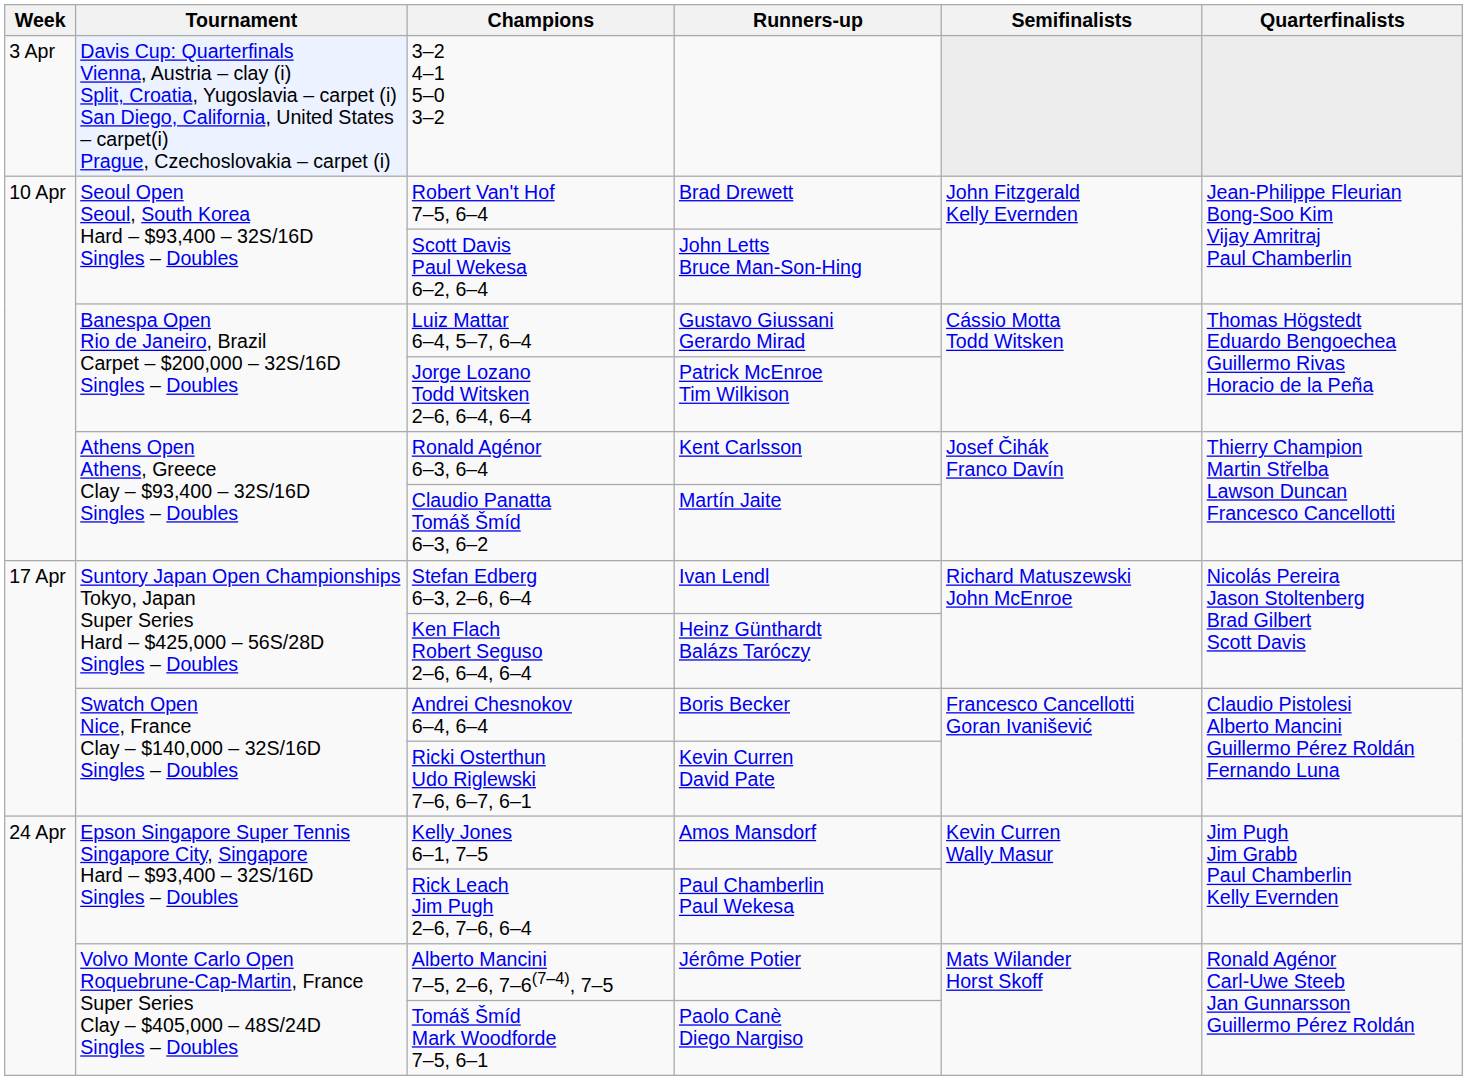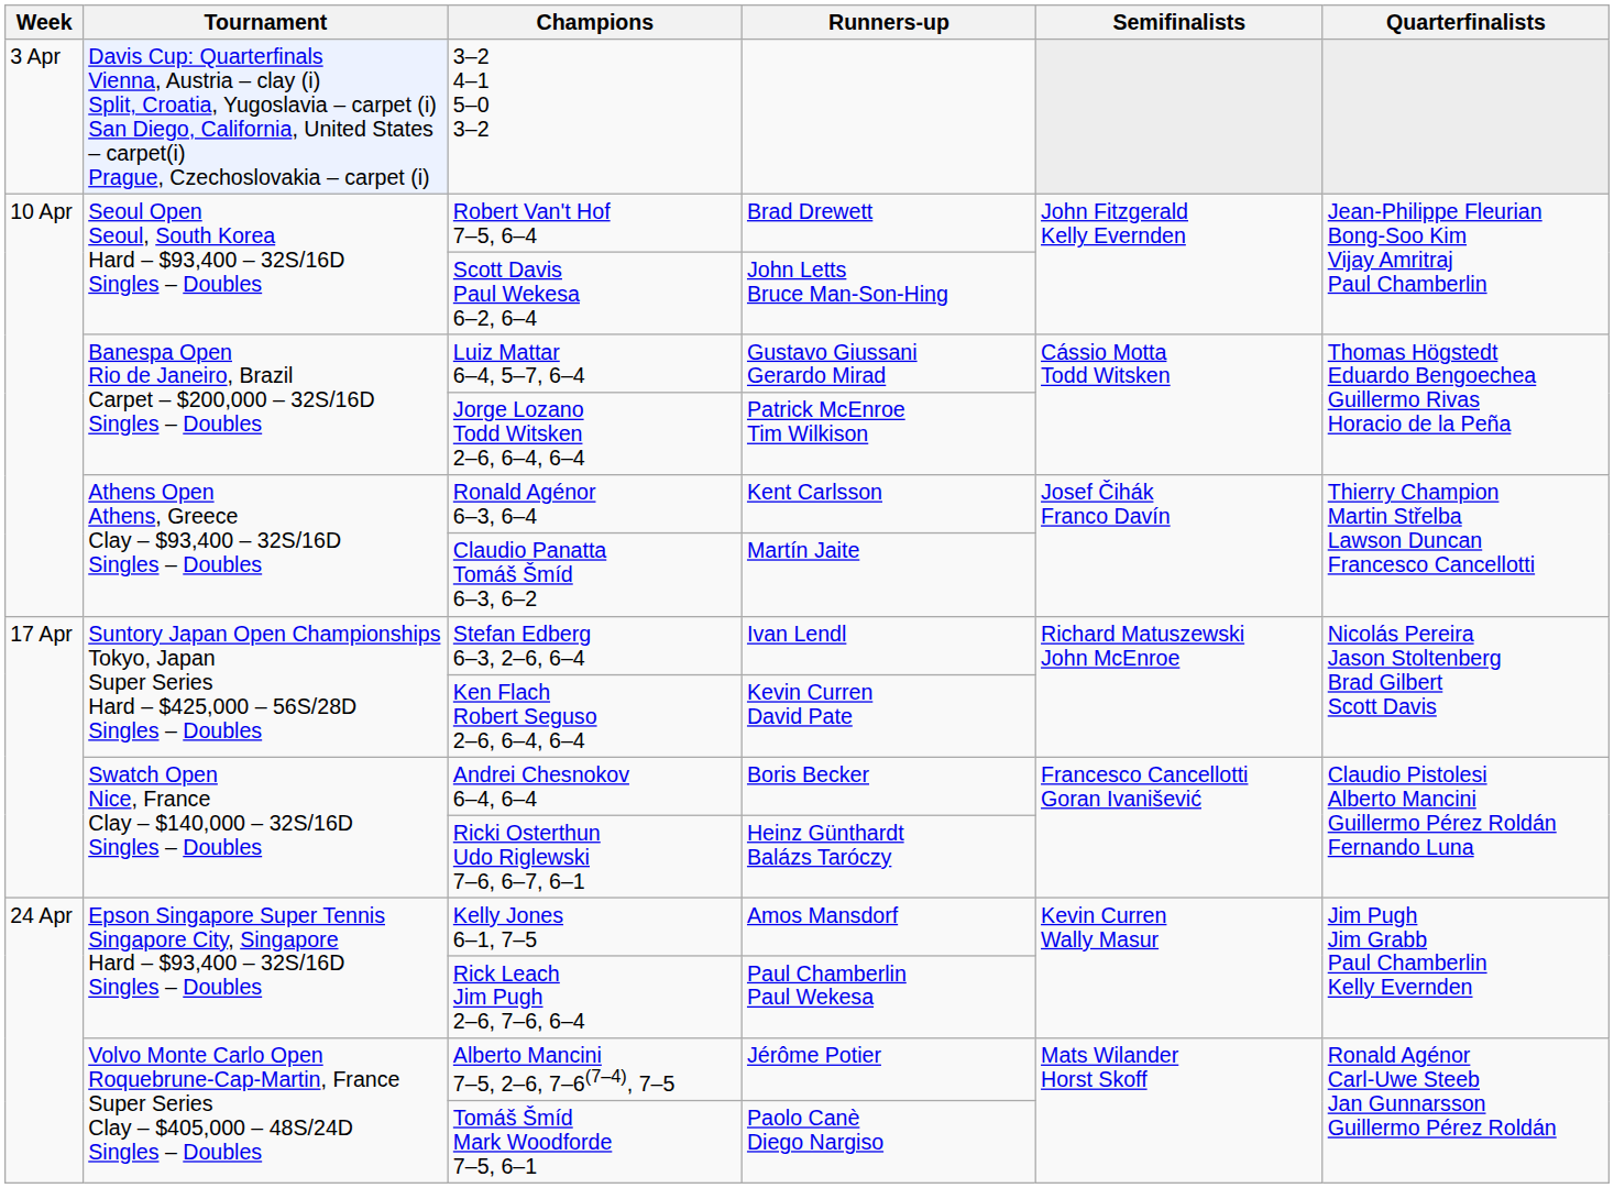 <table class=wikitable style=font-size:95%>
 <tr>
 <th style="width:48px;">Week</th>
 <th style="width:250px;">Tournament</th>
 <th style="width:200px;">Champions</th>
 <th style="width:200px;">Runners-up</th>
 <th style="width:195px;">Semifinalists</th>
 <th style="width:195px;">Quarterfinalists</th>
 </tr>
 <tr valign=top>
 <td>3 Apr</td>
 <td bgcolor="#ECF2FF"><a href='#'>Davis Cup: Quarterfinals</a> <br><a href='#'>Vienna</a>, Austria – clay (i)<br><a href='#'>Split, Croatia</a>, Yugoslavia – carpet (i) <br> <a href='#'>San Diego, California</a>, United States – carpet(i) <br>  <a href='#'>Prague</a>, Czechoslovakia – carpet (i)</td>
 <td> 3–2<br> 4–1<br> 5–0<br> 3–2</td>
 <td><br><br><br></td>
 <td style="background:#ededed;"></td>
 <td style="background:#ededed;"></td>
 </tr>
 <tr valign=top>
 <td rowspan=6>10 Apr</td>
 <td rowspan=2><a href='#'>Seoul Open</a><br> <a href='#'>Seoul</a>, <a href='#'>South Korea</a><br>Hard – $93,400 – 32S/16D<br><a href='#'>Singles</a> – <a href='#'>Doubles</a></td>
 <td> <a href='#'>Robert Van't Hof</a><br>7–5, 6–4</td>
 <td> <a href='#'>Brad Drewett</a></td>
 <td rowspan=2> <a href='#'>John Fitzgerald</a> <br>  <a href='#'>Kelly Evernden</a></td>
 <td rowspan=2> <a href='#'>Jean-Philippe Fleurian</a> <br>  <a href='#'>Bong-Soo Kim</a> <br>  <a href='#'>Vijay Amritraj</a> <br>  <a href='#'>Paul Chamberlin</a></td>
 </tr>
 <tr valign=top>
 <td> <a href='#'>Scott Davis</a> <br>  <a href='#'>Paul Wekesa</a><br> 6–2, 6–4</td>
 <td> <a href='#'>John Letts</a> <br>  <a href='#'>Bruce Man-Son-Hing</a></td>
 </tr>
 <tr valign=top>
 <td rowspan=2><a href='#'>Banespa Open</a> <br> <a href='#'>Rio de Janeiro</a>, Brazil<br>Carpet – $200,000 – 32S/16D<br><a href='#'>Singles</a> – <a href='#'>Doubles</a></td>
 <td> <a href='#'>Luiz Mattar</a><br>6–4, 5–7, 6–4</td>
 <td> <a href='#'>Gustavo Giussani</a> <br>  <a href='#'>Gerardo Mirad</a></td>
 <td rowspan=2> <a href='#'>Cássio Motta</a> <br>  <a href='#'>Todd Witsken</a></td>
 <td rowspan=2> <a href='#'>Thomas Högstedt</a> <br>  <a href='#'>Eduardo Bengoechea</a> <br>  <a href='#'>Guillermo Rivas</a> <br>  <a href='#'>Horacio de la Peña</a></td>
 </tr>
 <tr valign=top>
 <td> <a href='#'>Jorge Lozano</a> <br>  <a href='#'>Todd Witsken</a><br> 2–6, 6–4, 6–4</td>
 <td> <a href='#'>Patrick McEnroe</a> <br>  <a href='#'>Tim Wilkison</a></td>
 </tr>
 <tr valign=top>
 <td rowspan=2><a href='#'>Athens Open</a><br> <a href='#'>Athens</a>, Greece<br>Clay – $93,400 – 32S/16D<br><a href='#'>Singles</a> – <a href='#'>Doubles</a></td>
 <td> <a href='#'>Ronald Agénor</a><br>6–3, 6–4</td>
 <td> <a href='#'>Kent Carlsson</a></td>
 <td rowspan=2> <a href='#'>Josef Čihák</a> <br>  <a href='#'>Franco Davín</a></td>
 <td rowspan=2> <a href='#'>Thierry Champion</a> <br>  <a href='#'>Martin Střelba</a> <br>  <a href='#'>Lawson Duncan</a> <br>  <a href='#'>Francesco Cancellotti</a></td>
 </tr>
 <tr valign=top>
 <td> <a href='#'>Claudio Panatta</a> <br>  <a href='#'>Tomáš Šmíd</a><br> 6–3, 6–2</td>
 <td> <a href='#'>Martín Jaite</a></td>
 </tr>
 <tr valign=top>
 <td rowspan=4>17 Apr</td>
 <td rowspan=2><a href='#'>Suntory Japan Open Championships</a><br> Tokyo, Japan <br> Super Series <br> Hard – $425,000 – 56S/28D<br><a href='#'>Singles</a> – <a href='#'>Doubles</a></td>
 <td> <a href='#'>Stefan Edberg</a><br>6–3, 2–6, 6–4</td>
 <td> <a href='#'>Ivan Lendl</a></td>
 <td rowspan=2> <a href='#'>Richard Matuszewski</a> <br>  <a href='#'>John McEnroe</a></td>
 <td rowspan=2> <a href='#'>Nicolás Pereira</a> <br>  <a href='#'>Jason Stoltenberg</a> <br>  <a href='#'>Brad Gilbert</a> <br>  <a href='#'>Scott Davis</a></td>
 </tr>
 <tr valign=top>
 <td> <a href='#'>Ken Flach</a> <br>  <a href='#'>Robert Seguso</a><br> 2–6, 6–4, 6–4</td>
-<td> <a href='#'>Heinz Günthardt</a> <br>  <a href='#'>Balázs Taróczy</a></td>
+<td> <a href='#'>Kevin Curren</a> <br>  <a href='#'>David Pate</a></td>
 </tr>
 <tr valign=top>
 <td rowspan=2><a href='#'>Swatch Open</a> <br> <a href='#'>Nice</a>, France<br>Clay – $140,000 – 32S/16D<br><a href='#'>Singles</a> – <a href='#'>Doubles</a></td>
 <td> <a href='#'>Andrei Chesnokov</a><br>6–4, 6–4</td>
 <td> <a href='#'>Boris Becker</a></td>
 <td rowspan=2> <a href='#'>Francesco Cancellotti</a> <br>  <a href='#'>Goran Ivanišević</a></td>
 <td rowspan=2> <a href='#'>Claudio Pistolesi</a> <br>  <a href='#'>Alberto Mancini</a> <br>  <a href='#'>Guillermo Pérez Roldán</a> <br>  <a href='#'>Fernando Luna</a></td>
 </tr>
 <tr valign=top>
 <td> <a href='#'>Ricki Osterthun</a> <br>  <a href='#'>Udo Riglewski</a><br> 7–6, 6–7, 6–1</td>
-<td> <a href='#'>Kevin Curren</a> <br>  <a href='#'>David Pate</a></td>
+<td> <a href='#'>Heinz Günthardt</a> <br>  <a href='#'>Balázs Taróczy</a></td>
 </tr>
 <tr valign=top>
 <td rowspan=4>24 Apr</td>
 <td rowspan=2><a href='#'>Epson Singapore Super Tennis</a> <br> <a href='#'>Singapore City</a>, <a href='#'>Singapore</a><br>Hard – $93,400 – 32S/16D<br><a href='#'>Singles</a> – <a href='#'>Doubles</a></td>
 <td> <a href='#'>Kelly Jones</a><br>6–1, 7–5</td>
 <td> <a href='#'>Amos Mansdorf</a></td>
 <td rowspan=2> <a href='#'>Kevin Curren</a> <br>  <a href='#'>Wally Masur</a></td>
 <td rowspan=2> <a href='#'>Jim Pugh</a> <br>  <a href='#'>Jim Grabb</a> <br>  <a href='#'>Paul Chamberlin</a> <br>  <a href='#'>Kelly Evernden</a></td>
 </tr>
 <tr valign=top>
 <td> <a href='#'>Rick Leach</a> <br>  <a href='#'>Jim Pugh</a><br> 2–6, 7–6, 6–4</td>
 <td> <a href='#'>Paul Chamberlin</a> <br>  <a href='#'>Paul Wekesa</a></td>
 </tr>
 <tr valign=top>
 <td rowspan=2><a href='#'>Volvo Monte Carlo Open</a><br> <a href='#'>Roquebrune-Cap-Martin</a>, France <br> Super Series <br> Clay – $405,000 – 48S/24D<br><a href='#'>Singles</a> – <a href='#'>Doubles</a></td>
 <td> <a href='#'>Alberto Mancini</a><br>7–5, 2–6, 7–6<sup>(7–4)</sup>, 7–5</td>
 <td> <a href='#'>Jérôme Potier</a></td>
 <td rowspan=2> <a href='#'>Mats Wilander</a> <br>  <a href='#'>Horst Skoff</a></td>
 <td rowspan=2> <a href='#'>Ronald Agénor</a> <br>  <a href='#'>Carl-Uwe Steeb</a> <br>  <a href='#'>Jan Gunnarsson</a> <br>  <a href='#'>Guillermo Pérez Roldán</a></td>
 </tr>
 <tr valign=top>
 <td> <a href='#'>Tomáš Šmíd</a> <br>  <a href='#'>Mark Woodforde</a><br> 7–5, 6–1</td>
 <td> <a href='#'>Paolo Canè</a> <br>  <a href='#'>Diego Nargiso</a></td>
 </tr>
 </table>
